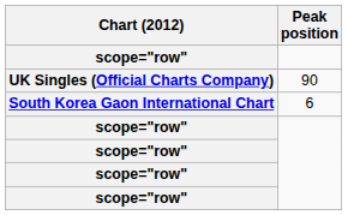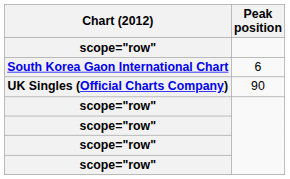 <table class="wikitable sortable plainrowheaders">
 <tr>
 <th scope="col">Chart (2012)</th>
 <th scope="col">Peak<br>position</th>
 </tr>
 <tr>
 <th>scope="row" </th>
 </tr>
 <tr>
+<th scope="row"><a href='#'>South Korea Gaon International Chart</a></th>
+<td style="text-align:center;">6</td>
+</tr>
+<tr>
 <th scope="row">UK Singles (<a href='#'>Official Charts Company</a>)</th>
 <td style="text-align:center;">90</td>
-</tr>
-<tr>
-<th scope="row"><a href='#'>South Korea Gaon International Chart</a></th>
-<td style="text-align:center;">6</td>
 </tr>
 <tr>
 <th>scope="row" </th>
 </tr>
 <tr>
 <th>scope="row" </th>
 </tr>
 <tr>
 <th>scope="row" </th>
 </tr>
 <tr>
 <th>scope="row" </th>
 </tr>
 </table>
